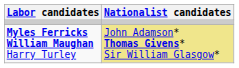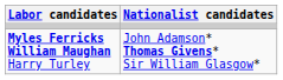 <table class="wikitable">
 <tr>
 <th><a href='#'>Labor</a> candidates</th>
 <th><a href='#'>Nationalist</a> candidates</th>
 </tr>
 <tr bgcolor="#cccccc">
 <td></td>
 <td></td>
 </tr>
 <tr>
 <td><strong><a href='#'>Myles Ferricks</a></strong><br><strong><a href='#'>William Maughan</a></strong><br><a href='#'>Harry Turley</a></td>
-<td style="background: khaki;"><a href='#'>John Adamson</a>*<br><strong><a href='#'>Thomas Givens</a></strong>*<br><a href='#'>Sir William Glasgow</a>*</td>
+<td><a href='#'>John Adamson</a>*<br><strong><a href='#'>Thomas Givens</a></strong>*<br><a href='#'>Sir William Glasgow</a>*</td>
 </tr>
 </table>
